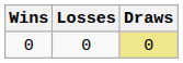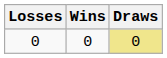 <table class="wikitable">
 <tr>
+<th>Losses</th>
 <th>Wins</th>
-<th>Losses</th>
 <th>Draws</th>
 </tr>
 <tr>
 <td align=center>0</td>
 <td align=center>0</td>
 <td align=center style="background: khaki;">0</td>
 </tr>
 </table>
